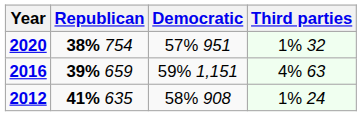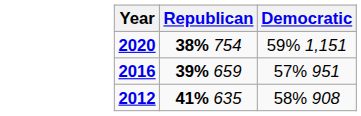 <table class="wikitable" style="float:right; font-size:95%;">
 <tr bgcolor=lightgrey>
 <th>Year</th>
 <th><a href='#'>Republican</a></th>
 <th><a href='#'>Democratic</a></th>
-<th><a href='#'>Third parties</a></th>
 </tr>
 <tr>
 <td style="text-align:center; "><strong><a href='#'>2020</a></strong></td>
 <td style="text-align:center; "><strong>38%</strong> <em>754</em></td>
-<td style="text-align:center; ">57% <em>951</em></td>
-<td style="text-align:center; background:honeyDew;">1% <em>32</em></td>
+<td style="text-align:center; ">59% <em>1,151</em></td>
 </tr>
 <tr>
 <td style="text-align:center; "><strong><a href='#'>2016</a></strong></td>
 <td style="text-align:center; "><strong>39%</strong> <em>659</em></td>
-<td style="text-align:center; ">59% <em>1,151</em></td>
-<td style="text-align:center; background:honeyDew;">4% <em>63</em></td>
+<td style="text-align:center; ">57% <em>951</em></td>
 </tr>
 <tr>
 <td style="text-align:center; "><strong><a href='#'>2012</a></strong></td>
 <td style="text-align:center; "><strong>41%</strong> <em>635</em></td>
 <td style="text-align:center; ">58% <em>908</em></td>
-<td style="text-align:center; background:honeyDew;">1% <em>24</em></td>
 </tr>
 </table>
